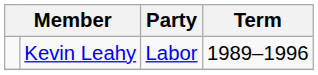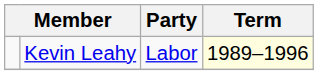 <table class="wikitable">
 <tr>
 <th colspan="2">Member</th>
 <th>Party</th>
 <th>Term</th>
 </tr>
 <tr>
 <td> </td>
 <td><a href='#'>Kevin Leahy</a></td>
 <td><a href='#'>Labor</a></td>
-<td>1989–1996</td>
+<td style="background: lightyellow;">1989–1996</td>
 </tr>
 <tr>
 </tr>
 </table>
